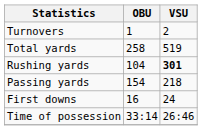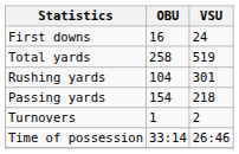 <table class="wikitable" style="float: left;">
 <tr>
 <th>Statistics</th>
 <th>OBU</th>
 <th>VSU</th>
 </tr>
 <tr>
-<td>Turnovers</td>
-<td>1</td>
-<td>2</td>
+<td>First downs</td>
+<td>16</td>
+<td>24</td>
 </tr>
 <tr>
 <td>Total yards</td>
 <td>258</td>
 <td>519</td>
 </tr>
 <tr>
 <td>Rushing yards</td>
 <td>104</td>
-<td><strong>301</strong></td>
+<td>301</td>
 </tr>
 <tr>
 <td>Passing yards</td>
 <td>154</td>
 <td>218</td>
 </tr>
 <tr>
-<td>First downs</td>
-<td>16</td>
-<td>24</td>
+<td>Turnovers</td>
+<td>1</td>
+<td>2</td>
 </tr>
 <tr>
 <td>Time of possession</td>
 <td>33:14</td>
 <td>26:46</td>
 </tr>
 <tr>
 </tr>
 </table>
